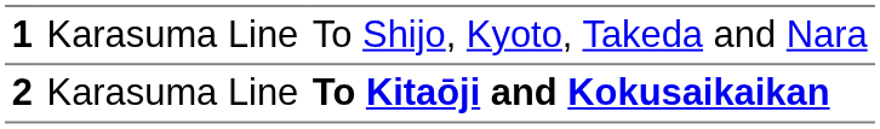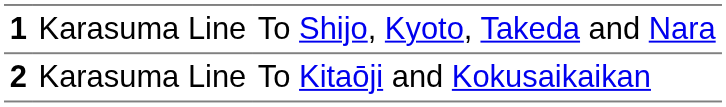 <table border="1" cellspacing="0" cellpadding="3" frame="hsides" rules="rows">
 <tr>
 <th>1</th>
 <td>Karasuma Line</td>
 <td>To <a href='#'>Shijo</a>, <a href='#'>Kyoto</a>, <a href='#'>Takeda</a> and <a href='#'>Nara</a></td>
 </tr>
 <tr>
 <th>2</th>
 <td>Karasuma Line</td>
-<td><strong>To <a href='#'>Kitaōji</a> and <a href='#'>Kokusaikaikan</a></strong></td>
+<td>To <a href='#'>Kitaōji</a> and <a href='#'>Kokusaikaikan</a></td>
 </tr>
 </table>
